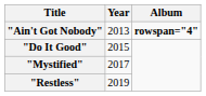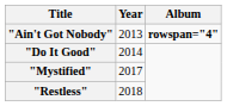 <table class="wikitable plainrowheaders" style="text-align:center;">
 <tr>
 <th scope="col">Title</th>
 <th scope="col">Year</th>
 <th scope="col">Album</th>
 </tr>
 <tr>
 <th scope="row">"Ain't Got Nobody"</th>
 <td>2013</td>
 <td><strong>rowspan="4" </strong></td>
 </tr>
 <tr>
 <th scope="row">"Do It Good"</th>
-<td>2015</td>
+<td>2014</td>
 </tr>
 <tr>
 <th scope="row">"Mystified"</th>
 <td>2017</td>
 </tr>
 <tr>
 <th scope="row">"Restless"</th>
-<td>2019</td>
+<td>2018</td>
 </tr>
 </table>
